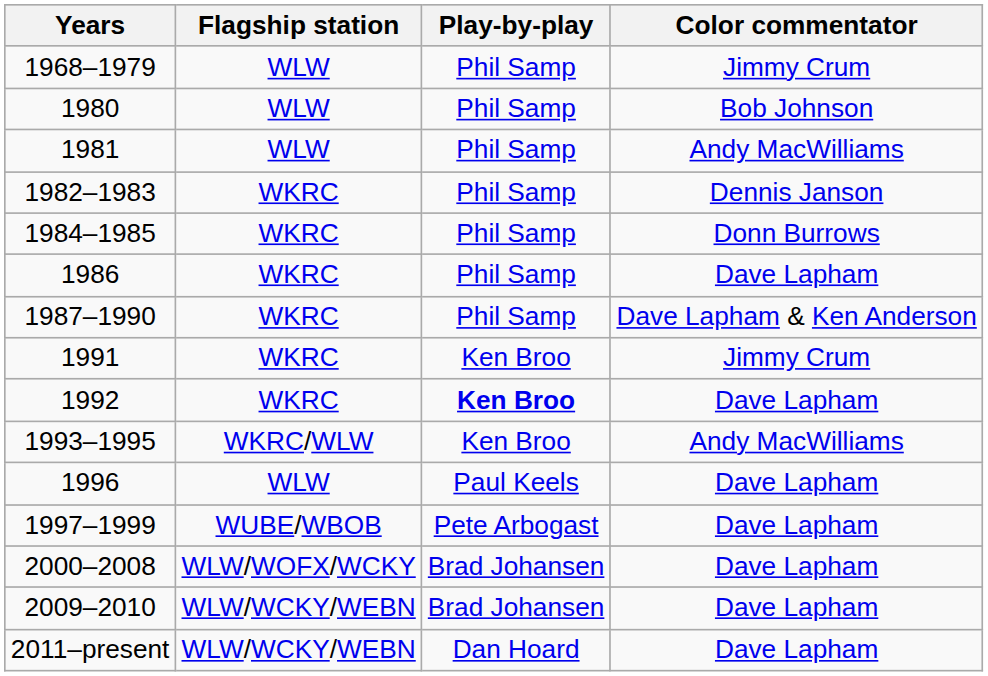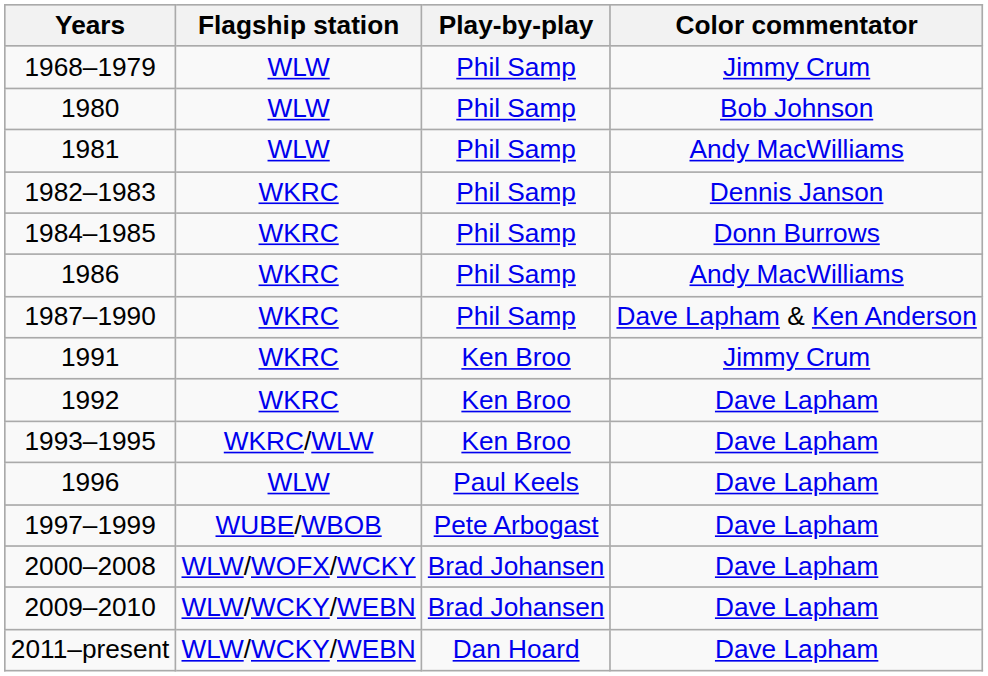 <table class="wikitable" style="text-align: center;">
 <tr>
 <th>Years</th>
 <th>Flagship station</th>
 <th>Play-by-play</th>
 <th>Color commentator</th>
 </tr>
 <tr>
 <td>1968–1979</td>
 <td><a href='#'>WLW</a></td>
 <td><a href='#'>Phil Samp</a></td>
 <td><a href='#'>Jimmy Crum</a></td>
 </tr>
 <tr>
 <td>1980</td>
 <td><a href='#'>WLW</a></td>
 <td><a href='#'>Phil Samp</a></td>
 <td><a href='#'>Bob Johnson</a></td>
 </tr>
 <tr>
 <td>1981</td>
 <td><a href='#'>WLW</a></td>
 <td><a href='#'>Phil Samp</a></td>
 <td><a href='#'>Andy MacWilliams</a></td>
 </tr>
 <tr>
 <td>1982–1983</td>
 <td><a href='#'>WKRC</a></td>
 <td><a href='#'>Phil Samp</a></td>
 <td><a href='#'>Dennis Janson</a></td>
 </tr>
 <tr>
 <td>1984–1985</td>
 <td><a href='#'>WKRC</a></td>
 <td><a href='#'>Phil Samp</a></td>
 <td><a href='#'>Donn Burrows</a></td>
 </tr>
 <tr>
 <td>1986</td>
 <td><a href='#'>WKRC</a></td>
 <td><a href='#'>Phil Samp</a></td>
-<td><a href='#'>Dave Lapham</a></td>
+<td><a href='#'>Andy MacWilliams</a></td>
 </tr>
 <tr>
 <td>1987–1990</td>
 <td><a href='#'>WKRC</a></td>
 <td><a href='#'>Phil Samp</a></td>
 <td><a href='#'>Dave Lapham</a> & <a href='#'>Ken Anderson</a></td>
 </tr>
 <tr>
 <td>1991</td>
 <td><a href='#'>WKRC</a></td>
 <td><a href='#'>Ken Broo</a></td>
 <td><a href='#'>Jimmy Crum</a></td>
 </tr>
 <tr>
 <td>1992</td>
 <td><a href='#'>WKRC</a></td>
-<td><strong><a href='#'>Ken Broo</a></strong></td>
+<td><a href='#'>Ken Broo</a></td>
 <td><a href='#'>Dave Lapham</a></td>
 </tr>
 <tr>
 <td>1993–1995</td>
 <td><a href='#'>WKRC</a>/<a href='#'>WLW</a></td>
 <td><a href='#'>Ken Broo</a></td>
-<td><a href='#'>Andy MacWilliams</a></td>
+<td><a href='#'>Dave Lapham</a></td>
 </tr>
 <tr>
 <td>1996</td>
 <td><a href='#'>WLW</a></td>
 <td><a href='#'>Paul Keels</a></td>
 <td><a href='#'>Dave Lapham</a></td>
 </tr>
 <tr>
 <td>1997–1999</td>
 <td><a href='#'>WUBE</a>/<a href='#'>WBOB</a></td>
 <td><a href='#'>Pete Arbogast</a></td>
 <td><a href='#'>Dave Lapham</a></td>
 </tr>
 <tr>
 <td>2000–2008</td>
 <td><a href='#'>WLW</a>/<a href='#'>WOFX</a>/<a href='#'>WCKY</a></td>
 <td><a href='#'>Brad Johansen</a></td>
 <td><a href='#'>Dave Lapham</a></td>
 </tr>
 <tr>
 <td>2009–2010</td>
 <td><a href='#'>WLW</a>/<a href='#'>WCKY</a>/<a href='#'>WEBN</a></td>
 <td><a href='#'>Brad Johansen</a></td>
 <td><a href='#'>Dave Lapham</a></td>
 </tr>
 <tr>
 <td>2011–present</td>
 <td><a href='#'>WLW</a>/<a href='#'>WCKY</a>/<a href='#'>WEBN</a></td>
 <td><a href='#'>Dan Hoard</a></td>
 <td><a href='#'>Dave Lapham</a></td>
 </tr>
 </table>
